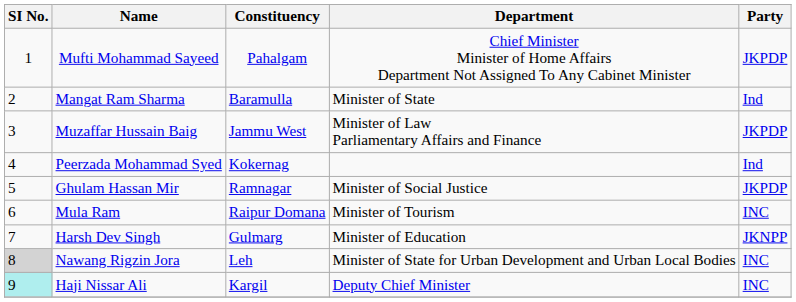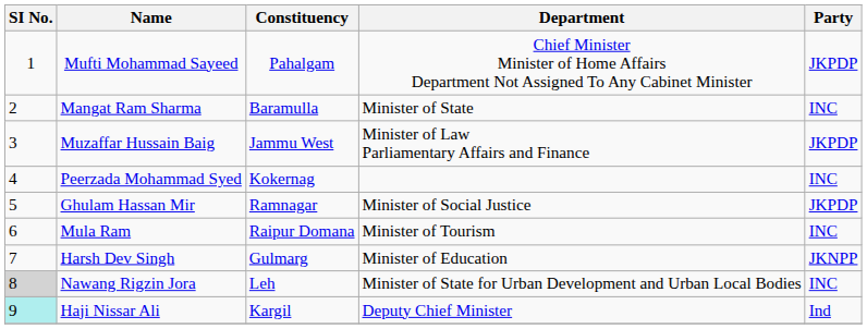 <table class="wikitable sortable">
 <tr>
 <th>SI No.</th>
 <th>Name</th>
 <th>Constituency</th>
 <th>Department</th>
 <th>Party</th>
 </tr>
 <tr style="text-align:center; height:60px;">
 <td>1</td>
 <td><a href='#'>Mufti Mohammad Sayeed</a></td>
 <td><a href='#'>Pahalgam</a></td>
 <td><a href='#'>Chief Minister</a><br>Minister of Home Affairs<br>Department Not Assigned To Any Cabinet Minister</td>
 <td><a href='#'>JKPDP</a></td>
 </tr>
 <tr>
 <td>2</td>
 <td><a href='#'>Mangat Ram Sharma</a></td>
 <td><a href='#'>Baramulla</a></td>
 <td>Minister of State</td>
-<td><a href='#'>Ind</a></td>
+<td><a href='#'>INC</a></td>
 </tr>
 <tr>
 <td>3</td>
 <td><a href='#'>Muzaffar Hussain Baig</a></td>
 <td><a href='#'>Jammu West</a></td>
 <td>Minister of Law<br>Parliamentary Affairs and Finance</td>
 <td><a href='#'>JKPDP</a></td>
 </tr>
 <tr>
 <td>4</td>
 <td><a href='#'>Peerzada Mohammad Syed</a></td>
 <td><a href='#'>Kokernag</a></td>
 <td></td>
-<td><a href='#'>Ind</a></td>
+<td><a href='#'>INC</a></td>
 </tr>
 <tr>
 <td>5</td>
 <td><a href='#'>Ghulam Hassan Mir</a></td>
 <td><a href='#'>Ramnagar</a></td>
 <td>Minister of Social Justice</td>
 <td><a href='#'>JKPDP</a></td>
 </tr>
 <tr>
 <td>6</td>
 <td><a href='#'>Mula Ram</a></td>
 <td><a href='#'>Raipur Domana</a></td>
 <td>Minister of Tourism</td>
 <td><a href='#'>INC</a></td>
 </tr>
 <tr>
 <td>7</td>
 <td><a href='#'>Harsh Dev Singh</a></td>
 <td><a href='#'>Gulmarg</a></td>
 <td>Minister of Education</td>
 <td><a href='#'>JKNPP</a></td>
 </tr>
 <tr>
 <td style="background: lightgrey;">8</td>
 <td><a href='#'>Nawang Rigzin Jora</a></td>
 <td><a href='#'>Leh</a></td>
 <td>Minister of State for Urban Development and Urban Local Bodies</td>
 <td><a href='#'>INC</a></td>
 </tr>
 <tr>
 <td style="background: paleturquoise;">9</td>
 <td><a href='#'>Haji Nissar Ali</a></td>
 <td><a href='#'>Kargil</a></td>
 <td><a href='#'>Deputy Chief Minister</a></td>
-<td><a href='#'>INC</a></td>
+<td><a href='#'>Ind</a></td>
 </tr>
 <tr>
 </tr>
 </table>
